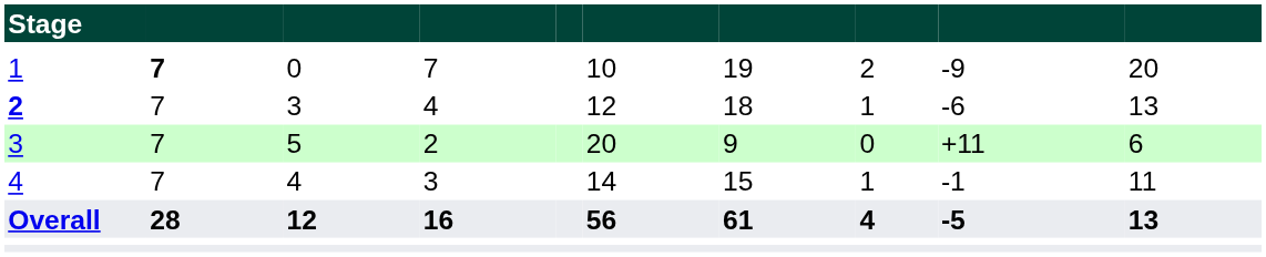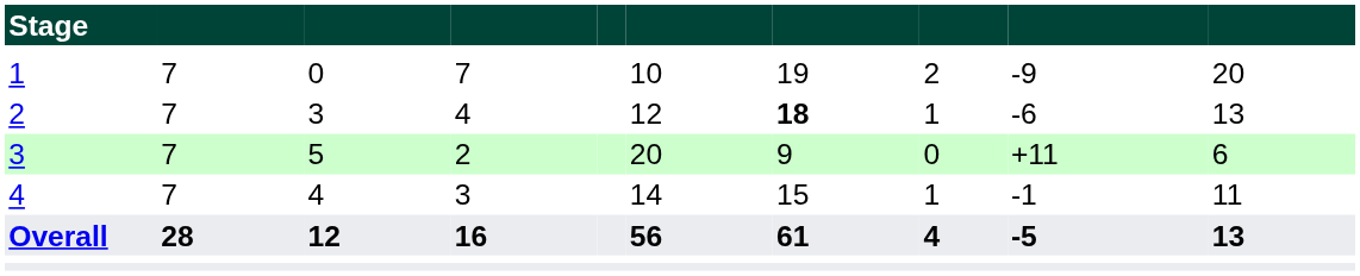 <table class="toccolours" border=0 cellpadding="2" cellspacing="0" style="font-size:95%; text-align:left; width:700px;">
 <tr align="left" style="background:#004438; color:#FFFFFF;">
 <th style="width:75px">Stage</th>
 <th></th>
 <th></th>
 <th></th>
 <th></th>
 <th></th>
 <th></th>
 <th></th>
 <th></th>
 <th></th>
 </tr>
 <tr>
 <td colspan = "10"></td>
 </tr>
 <tr>
 </tr>
 <tr style="">
 <td><a href='#'>1</a></td>
-<td><strong>7</strong></td>
+<td>7</td>
 <td>0</td>
 <td>7</td>
 <td></td>
 <td>10</td>
 <td>19</td>
 <td>2</td>
 <td>-9</td>
 <td>20</td>
 </tr>
 <tr>
-<td><strong><a href='#'>2</a></strong></td>
+<td><a href='#'>2</a></td>
 <td>7</td>
 <td>3</td>
 <td>4</td>
 <td></td>
 <td>12</td>
-<td>18</td>
+<td><strong>18</strong></td>
 <td>1</td>
 <td>-6</td>
 <td>13</td>
 </tr>
 <tr style="background:#cfc">
 <td><a href='#'>3</a></td>
 <td>7</td>
 <td>5</td>
 <td>2</td>
 <td></td>
 <td>20</td>
 <td>9</td>
 <td>0</td>
 <td>+11</td>
 <td>6</td>
 </tr>
 <tr>
 <td><a href='#'>4</a></td>
 <td>7</td>
 <td>4</td>
 <td>3</td>
 <td></td>
 <td>14</td>
 <td>15</td>
 <td>1</td>
 <td>-1</td>
 <td>11</td>
 </tr>
 <tr style="background-color:#EAECF0;">
 <th><a href='#'>Overall</a></th>
 <th>28</th>
 <th>12</th>
 <th>16</th>
 <th></th>
 <th>56</th>
 <th>61</th>
 <th>4</th>
 <th>-5</th>
 <th>13</th>
 </tr>
 <tr>
 <td colspan="10"></td>
 </tr>
 <tr align="left" style="background:#EAECF0; color:#000;">
 <td colspan="10" style="text-align:center;"> </td>
 </tr>
 </table>
